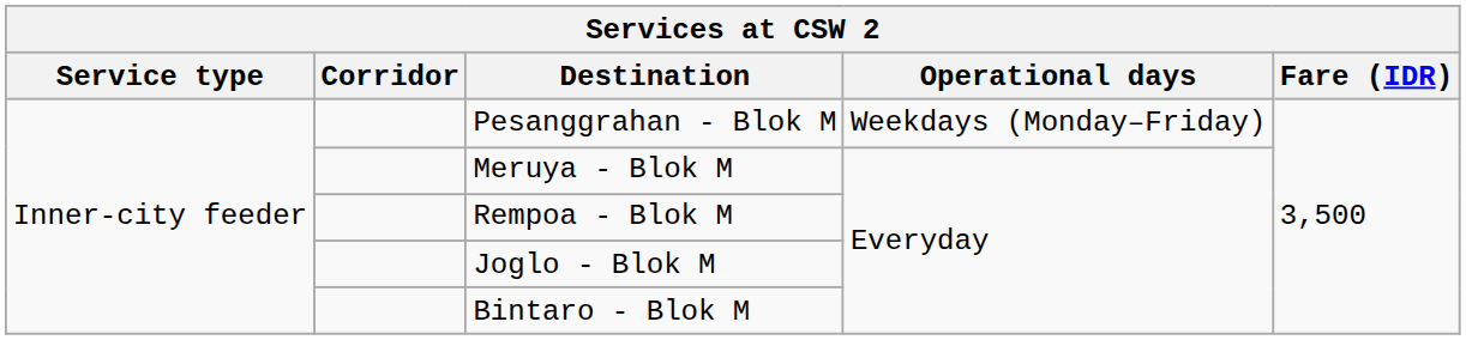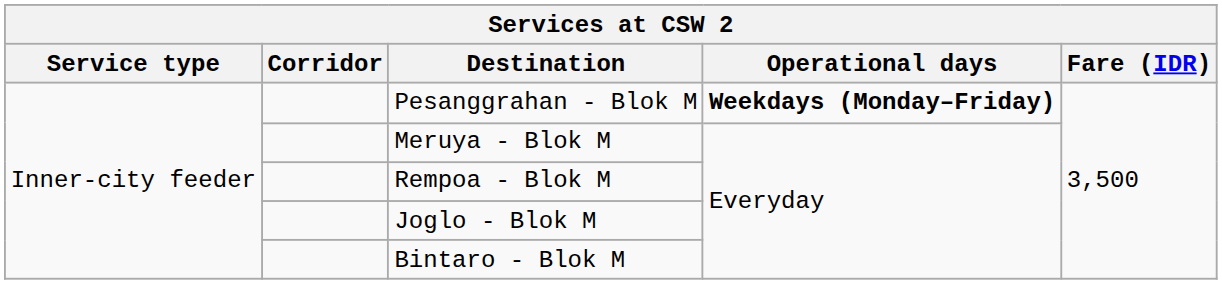 <table class="wikitable">
 <tr>
 <th colspan="5">Services at CSW 2</th>
 </tr>
 <tr>
 <th>Service type</th>
 <th>Corridor</th>
 <th>Destination</th>
 <th>Operational days</th>
 <th>Fare (<a href='#'>IDR</a>)</th>
 </tr>
 <tr>
 <td rowspan="5">Inner-city feeder</td>
 <td></td>
 <td>Pesanggrahan - Blok M</td>
-<td>Weekdays (Monday–Friday)</td>
+<td><strong>Weekdays (Monday–Friday)</strong></td>
 <td rowspan="5">3,500</td>
 </tr>
 <tr>
 <td></td>
 <td>Meruya - Blok M</td>
 <td rowspan="4">Everyday</td>
 </tr>
 <tr>
 <td></td>
 <td>Rempoa - Blok M</td>
 </tr>
 <tr>
 <td></td>
 <td>Joglo - Blok M</td>
 </tr>
 <tr>
 <td></td>
 <td>Bintaro - Blok M</td>
 </tr>
 </table>
